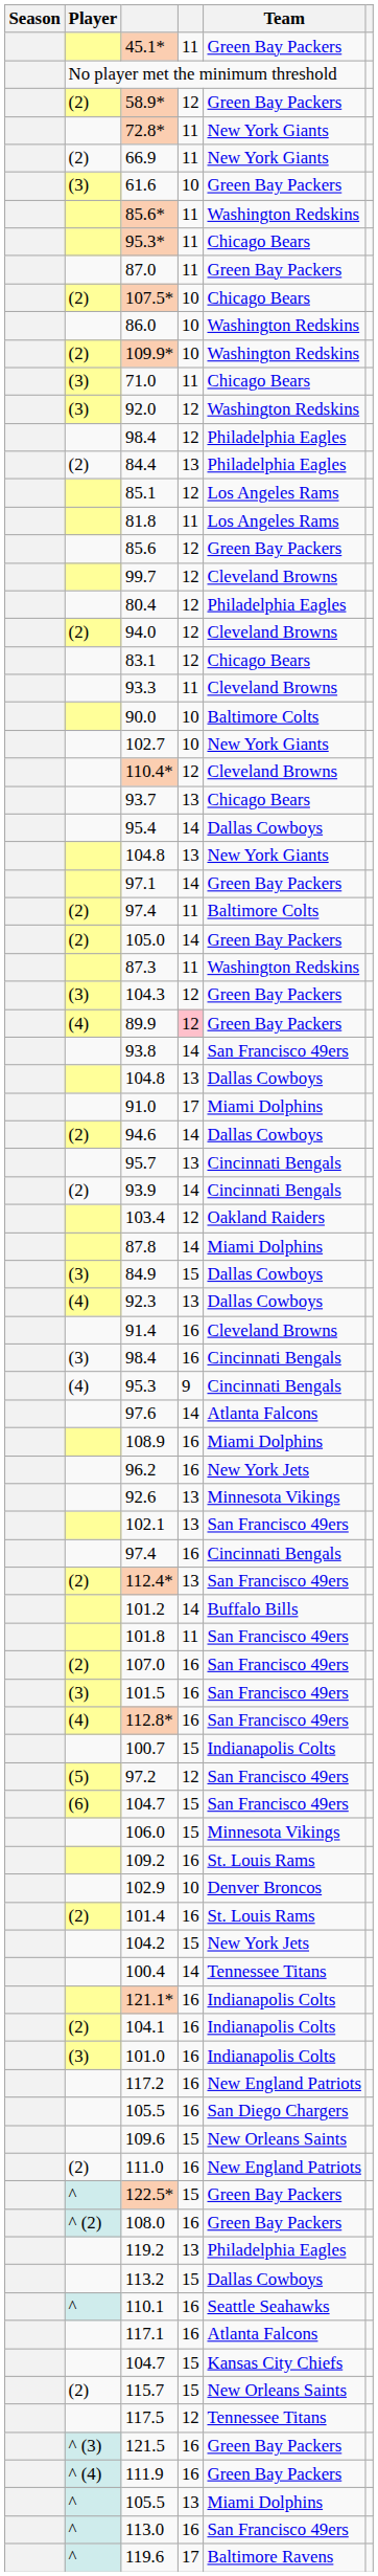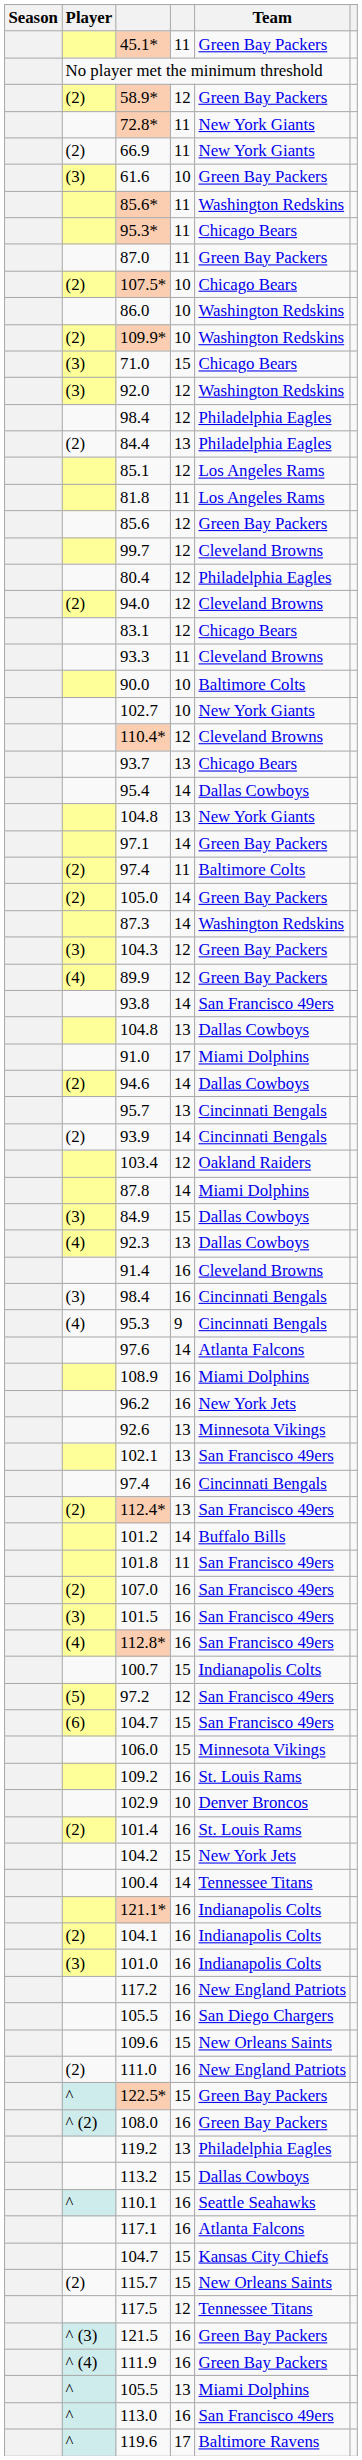 <table class="wikitable sortable">
 <tr>
 <th scope=col>Season</th>
 <th scope=col>Player</th>
 <th scope=col></th>
 <th scope=col></th>
 <th scope=col>Team</th>
 <th scope=col class= "unsortable"></th>
 </tr>
 <tr>
 <th scope=row></th>
 <td style="background:#ff9;"></td>
 <td style="background:#fbceb1;">45.1*</td>
 <td>11</td>
 <td><a href='#'>Green Bay Packers</a></td>
 <td></td>
 </tr>
 <tr>
 <th scope=row></th>
 <td colspan=4>No player met the minimum threshold</td>
 <td></td>
 </tr>
 <tr>
 <th scope=row></th>
 <td style="background:#ff9;"> (2)</td>
 <td style="background:#fbceb1;">58.9*</td>
 <td>12</td>
 <td><a href='#'>Green Bay Packers</a></td>
 <td></td>
 </tr>
 <tr>
 <th scope=row></th>
 <td></td>
 <td style="background:#fbceb1;">72.8*</td>
 <td>11</td>
 <td><a href='#'>New York Giants</a></td>
 <td></td>
 </tr>
 <tr>
 <th scope=row></th>
 <td> (2)</td>
 <td>66.9</td>
 <td>11</td>
 <td><a href='#'>New York Giants</a></td>
 <td></td>
 </tr>
 <tr>
 <th scope=row></th>
 <td style="background:#ff9;"> (3)</td>
 <td>61.6</td>
 <td>10</td>
 <td><a href='#'>Green Bay Packers</a></td>
 <td></td>
 </tr>
 <tr>
 <th scope=row></th>
 <td style="background:#ff9;"></td>
 <td style="background:#fbceb1;">85.6*</td>
 <td>11</td>
 <td><a href='#'>Washington Redskins</a></td>
 <td></td>
 </tr>
 <tr>
 <th scope=row></th>
 <td style="background:#ff9;"></td>
 <td style="background:#fbceb1;">95.3*</td>
 <td>11</td>
 <td><a href='#'>Chicago Bears</a></td>
 <td></td>
 </tr>
 <tr>
 <th scope=row></th>
 <td></td>
 <td>87.0</td>
 <td>11</td>
 <td><a href='#'>Green Bay Packers</a></td>
 <td></td>
 </tr>
 <tr>
 <th scope=row></th>
 <td style="background:#ff9;"> (2)</td>
 <td style="background:#fbceb1;">107.5*</td>
 <td>10</td>
 <td><a href='#'>Chicago Bears</a></td>
 <td></td>
 </tr>
 <tr>
 <th scope=row></th>
 <td></td>
 <td>86.0</td>
 <td>10</td>
 <td><a href='#'>Washington Redskins</a></td>
 <td></td>
 </tr>
 <tr>
 <th scope=row></th>
 <td style="background:#ff9;"> (2)</td>
 <td style="background:#fbceb1;">109.9*</td>
 <td>10</td>
 <td><a href='#'>Washington Redskins</a></td>
 <td></td>
 </tr>
 <tr>
 <th scope=row></th>
 <td style="background:#ff9;"> (3)</td>
 <td>71.0</td>
-<td>11</td>
+<td>15</td>
 <td><a href='#'>Chicago Bears</a></td>
 <td></td>
 </tr>
 <tr>
 <th scope=row></th>
 <td style="background:#ff9;"> (3)</td>
 <td>92.0</td>
 <td>12</td>
 <td><a href='#'>Washington Redskins</a></td>
 <td></td>
 </tr>
 <tr>
 <th scope=row></th>
 <td></td>
 <td>98.4</td>
 <td>12</td>
 <td><a href='#'>Philadelphia Eagles</a></td>
 <td></td>
 </tr>
 <tr>
 <th scope=row></th>
 <td> (2)</td>
 <td>84.4</td>
 <td>13</td>
 <td><a href='#'>Philadelphia Eagles</a></td>
 <td></td>
 </tr>
 <tr>
 <th scope=row></th>
 <td style="background:#ff9;"></td>
 <td>85.1</td>
 <td>12</td>
 <td><a href='#'>Los Angeles Rams</a></td>
 <td></td>
 </tr>
 <tr>
 <th scope=row></th>
 <td style="background:#ff9;"></td>
 <td>81.8</td>
 <td>11</td>
 <td><a href='#'>Los Angeles Rams</a></td>
 <td></td>
 </tr>
 <tr>
 <th scope=row></th>
 <td></td>
 <td>85.6</td>
 <td>12</td>
 <td><a href='#'>Green Bay Packers</a></td>
 <td></td>
 </tr>
 <tr>
 <th scope=row></th>
 <td style="background:#ff9;"></td>
 <td>99.7</td>
 <td>12</td>
 <td><a href='#'>Cleveland Browns</a></td>
 <td></td>
 </tr>
 <tr>
 <th scope=row></th>
 <td></td>
 <td>80.4</td>
 <td>12</td>
 <td><a href='#'>Philadelphia Eagles</a></td>
 <td></td>
 </tr>
 <tr>
 <th scope=row></th>
 <td style="background:#ff9;"> (2)</td>
 <td>94.0</td>
 <td>12</td>
 <td><a href='#'>Cleveland Browns</a></td>
 <td></td>
 </tr>
 <tr>
 <th scope=row></th>
 <td></td>
 <td>83.1</td>
 <td>12</td>
 <td><a href='#'>Chicago Bears</a></td>
 <td></td>
 </tr>
 <tr>
 <th scope=row></th>
 <td></td>
 <td>93.3</td>
 <td>11</td>
 <td><a href='#'>Cleveland Browns</a></td>
 <td></td>
 </tr>
 <tr>
 <th scope=row></th>
 <td style="background:#ff9;"></td>
 <td>90.0</td>
 <td>10</td>
 <td><a href='#'>Baltimore Colts</a></td>
 <td></td>
 </tr>
 <tr>
 <th scope=row></th>
 <td></td>
 <td>102.7</td>
 <td>10</td>
 <td><a href='#'>New York Giants</a></td>
 <td></td>
 </tr>
 <tr>
 <th scope=row></th>
 <td></td>
 <td style="background:#fbceb1;">110.4*</td>
 <td>12</td>
 <td><a href='#'>Cleveland Browns</a></td>
 <td></td>
 </tr>
 <tr>
 <th scope=row></th>
 <td></td>
 <td>93.7</td>
 <td>13</td>
 <td><a href='#'>Chicago Bears</a></td>
 <td></td>
 </tr>
 <tr>
 <th scope=row></th>
 <td></td>
 <td>95.4</td>
 <td>14</td>
 <td><a href='#'>Dallas Cowboys</a></td>
 <td></td>
 </tr>
 <tr>
 <th scope=row></th>
 <td style="background:#ff9;"></td>
 <td>104.8</td>
 <td>13</td>
 <td><a href='#'>New York Giants</a></td>
 <td></td>
 </tr>
 <tr>
 <th scope=row></th>
 <td style="background:#ff9;"></td>
 <td>97.1</td>
 <td>14</td>
 <td><a href='#'>Green Bay Packers</a></td>
 <td></td>
 </tr>
 <tr>
 <th scope=row></th>
 <td style="background:#ff9;"> (2)</td>
 <td>97.4</td>
 <td>11</td>
 <td><a href='#'>Baltimore Colts</a></td>
 <td></td>
 </tr>
 <tr>
 <th scope=row></th>
 <td style="background:#ff9;"> (2)</td>
 <td>105.0</td>
 <td>14</td>
 <td><a href='#'>Green Bay Packers</a></td>
 <td></td>
 </tr>
 <tr>
 <th scope=row></th>
 <td style="background:#ff9;"></td>
 <td>87.3</td>
-<td>11</td>
+<td>14</td>
 <td><a href='#'>Washington Redskins</a></td>
 <td></td>
 </tr>
 <tr>
 <th scope=row></th>
 <td style="background:#ff9;"> (3)</td>
 <td>104.3</td>
 <td>12</td>
 <td><a href='#'>Green Bay Packers</a></td>
 <td></td>
 </tr>
 <tr>
 <th scope=row></th>
 <td style="background:#ff9;"> (4)</td>
 <td>89.9</td>
-<td style="background: pink;">12</td>
+<td>12</td>
 <td><a href='#'>Green Bay Packers</a></td>
 <td></td>
 </tr>
 <tr>
 <th scope=row></th>
 <td></td>
 <td>93.8</td>
 <td>14</td>
 <td><a href='#'>San Francisco 49ers</a></td>
 <td></td>
 </tr>
 <tr>
 <th scope=row></th>
 <td style="background:#ff9;"></td>
 <td>104.8</td>
 <td>13</td>
 <td><a href='#'>Dallas Cowboys</a></td>
 <td></td>
 </tr>
 <tr>
 <th scope=row></th>
 <td></td>
 <td>91.0</td>
 <td>17</td>
 <td><a href='#'>Miami Dolphins</a></td>
 <td></td>
 </tr>
 <tr>
 <th scope=row></th>
 <td style="background:#ff9;"> (2)</td>
 <td>94.6</td>
 <td>14</td>
 <td><a href='#'>Dallas Cowboys</a></td>
 <td></td>
 </tr>
 <tr>
 <th scope=row></th>
 <td></td>
 <td>95.7</td>
 <td>13</td>
 <td><a href='#'>Cincinnati Bengals</a></td>
 <td></td>
 </tr>
 <tr>
 <th scope=row></th>
 <td> (2)</td>
 <td>93.9</td>
 <td>14</td>
 <td><a href='#'>Cincinnati Bengals</a></td>
 <td></td>
 </tr>
 <tr>
 <th scope=row></th>
 <td style="background:#ff9;"></td>
 <td>103.4</td>
 <td>12</td>
 <td><a href='#'>Oakland Raiders</a></td>
 <td></td>
 </tr>
 <tr>
 <th scope=row></th>
 <td style="background:#ff9;"></td>
 <td>87.8</td>
 <td>14</td>
 <td><a href='#'>Miami Dolphins</a></td>
 <td></td>
 </tr>
 <tr>
 <th scope=row></th>
 <td style="background:#ff9;"> (3)</td>
 <td>84.9</td>
 <td>15</td>
 <td><a href='#'>Dallas Cowboys</a></td>
 <td></td>
 </tr>
 <tr>
 <th scope=row></th>
 <td style="background:#ff9;"> (4)</td>
 <td>92.3</td>
 <td>13</td>
 <td><a href='#'>Dallas Cowboys</a></td>
 <td></td>
 </tr>
 <tr>
 <th scope=row></th>
 <td></td>
 <td>91.4</td>
 <td>16</td>
 <td><a href='#'>Cleveland Browns</a></td>
 <td></td>
 </tr>
 <tr>
 <th scope=row></th>
 <td> (3)</td>
 <td>98.4</td>
 <td>16</td>
 <td><a href='#'>Cincinnati Bengals</a></td>
 <td></td>
 </tr>
 <tr>
 <th scope=row></th>
 <td> (4)</td>
 <td>95.3</td>
 <td>9</td>
 <td><a href='#'>Cincinnati Bengals</a></td>
 <td></td>
 </tr>
 <tr>
 <th scope=row></th>
 <td></td>
 <td>97.6</td>
 <td>14</td>
 <td><a href='#'>Atlanta Falcons</a></td>
 <td></td>
 </tr>
 <tr>
 <th scope=row></th>
 <td style="background:#ff9;"></td>
 <td>108.9</td>
 <td>16</td>
 <td><a href='#'>Miami Dolphins</a></td>
 <td></td>
 </tr>
 <tr>
 <th scope=row></th>
 <td></td>
 <td>96.2</td>
 <td>16</td>
 <td><a href='#'>New York Jets</a></td>
 <td></td>
 </tr>
 <tr>
 <th scope=row></th>
 <td></td>
 <td>92.6</td>
 <td>13</td>
 <td><a href='#'>Minnesota Vikings</a></td>
 <td></td>
 </tr>
 <tr>
 <th scope=row></th>
 <td style="background:#ff9;"></td>
 <td>102.1</td>
 <td>13</td>
 <td><a href='#'>San Francisco 49ers</a></td>
 <td></td>
 </tr>
 <tr>
 <th scope=row></th>
 <td></td>
 <td>97.4</td>
 <td>16</td>
 <td><a href='#'>Cincinnati Bengals</a></td>
 <td></td>
 </tr>
 <tr>
 <th scope=row></th>
 <td style="background:#ff9;"> (2)</td>
 <td style="background:#fbceb1;">112.4*</td>
 <td>13</td>
 <td><a href='#'>San Francisco 49ers</a></td>
 <td></td>
 </tr>
 <tr>
 <th scope=row></th>
 <td style="background:#ff9;"></td>
 <td>101.2</td>
 <td>14</td>
 <td><a href='#'>Buffalo Bills</a></td>
 <td></td>
 </tr>
 <tr>
 <th scope=row></th>
 <td style="background:#ff9;"></td>
 <td>101.8</td>
 <td>11</td>
 <td><a href='#'>San Francisco 49ers</a></td>
 <td></td>
 </tr>
 <tr>
 <th scope=row></th>
 <td style="background:#ff9;"> (2)</td>
 <td>107.0</td>
 <td>16</td>
 <td><a href='#'>San Francisco 49ers</a></td>
 <td></td>
 </tr>
 <tr>
 <th scope=row></th>
 <td style="background:#ff9;"> (3)</td>
 <td>101.5</td>
 <td>16</td>
 <td><a href='#'>San Francisco 49ers</a></td>
 <td></td>
 </tr>
 <tr>
 <th scope=row></th>
 <td style="background:#ff9;"> (4)</td>
 <td style="background:#fbceb1;">112.8*</td>
 <td>16</td>
 <td><a href='#'>San Francisco 49ers</a></td>
 <td></td>
 </tr>
 <tr>
 <th scope=row></th>
 <td></td>
 <td>100.7</td>
 <td>15</td>
 <td><a href='#'>Indianapolis Colts</a></td>
 <td></td>
 </tr>
 <tr>
 <th scope=row></th>
 <td style="background:#ff9;"> (5)</td>
 <td>97.2</td>
 <td>12</td>
 <td><a href='#'>San Francisco 49ers</a></td>
 <td></td>
 </tr>
 <tr>
 <th scope=row></th>
 <td style="background:#ff9;"> (6)</td>
 <td>104.7</td>
 <td>15</td>
 <td><a href='#'>San Francisco 49ers</a></td>
 <td></td>
 </tr>
 <tr>
 <th scope=row></th>
 <td></td>
 <td>106.0</td>
 <td>15</td>
 <td><a href='#'>Minnesota Vikings</a></td>
 <td></td>
 </tr>
 <tr>
 <th scope=row></th>
 <td style="background:#ff9;"></td>
 <td>109.2</td>
 <td>16</td>
 <td><a href='#'>St. Louis Rams</a></td>
 <td></td>
 </tr>
 <tr>
 <th scope=row></th>
 <td></td>
 <td>102.9</td>
 <td>10</td>
 <td><a href='#'>Denver Broncos</a></td>
 <td></td>
 </tr>
 <tr>
 <th scope=row></th>
 <td style="background:#ff9;"> (2)</td>
 <td>101.4</td>
 <td>16</td>
 <td><a href='#'>St. Louis Rams</a></td>
 <td></td>
 </tr>
 <tr>
 <th scope=row></th>
 <td></td>
 <td>104.2</td>
 <td>15</td>
 <td><a href='#'>New York Jets</a></td>
 <td></td>
 </tr>
 <tr>
 <th scope=row></th>
 <td></td>
 <td>100.4</td>
 <td>14</td>
 <td><a href='#'>Tennessee Titans</a></td>
 <td></td>
 </tr>
 <tr>
 <th scope=row></th>
 <td style="background:#ff9;"></td>
 <td style="background:#fbceb1;">121.1*</td>
 <td>16</td>
 <td><a href='#'>Indianapolis Colts</a></td>
 <td></td>
 </tr>
 <tr>
 <th scope=row></th>
 <td style="background:#ff9;"> (2)</td>
 <td>104.1</td>
 <td>16</td>
 <td><a href='#'>Indianapolis Colts</a></td>
 <td></td>
 </tr>
 <tr>
 <th scope=row></th>
 <td style="background:#ff9;"> (3)</td>
 <td>101.0</td>
 <td>16</td>
 <td><a href='#'>Indianapolis Colts</a></td>
 <td></td>
 </tr>
 <tr>
 <th scope=row></th>
 <td></td>
 <td>117.2</td>
 <td>16</td>
 <td><a href='#'>New England Patriots</a></td>
 <td></td>
 </tr>
 <tr>
 <th scope=row></th>
 <td></td>
 <td>105.5</td>
 <td>16</td>
 <td><a href='#'>San Diego Chargers</a></td>
 <td></td>
 </tr>
 <tr>
 <th scope=row></th>
 <td></td>
 <td>109.6</td>
 <td>15</td>
 <td><a href='#'>New Orleans Saints</a></td>
 <td></td>
 </tr>
 <tr>
 <th scope=row></th>
 <td> (2)</td>
 <td>111.0</td>
 <td>16</td>
 <td><a href='#'>New England Patriots</a></td>
 <td></td>
 </tr>
 <tr>
 <th scope=row></th>
 <td style="background:#cfecec;”">^</td>
 <td style="background:#fbceb1;">122.5*</td>
 <td>15</td>
 <td><a href='#'>Green Bay Packers</a></td>
 <td></td>
 </tr>
 <tr>
 <th scope=row></th>
 <td style="background:#cfecec;”">^ (2)</td>
 <td>108.0</td>
 <td>16</td>
 <td><a href='#'>Green Bay Packers</a></td>
 <td></td>
 </tr>
 <tr>
 <th scope=row></th>
 <td></td>
 <td>119.2</td>
 <td>13</td>
 <td><a href='#'>Philadelphia Eagles</a></td>
 <td></td>
 </tr>
 <tr>
 <th scope=row></th>
 <td></td>
 <td>113.2</td>
 <td>15</td>
 <td><a href='#'>Dallas Cowboys</a></td>
 <td></td>
 </tr>
 <tr>
 <th scope=row></th>
 <td style="background:#cfecec;”">^</td>
 <td>110.1</td>
 <td>16</td>
 <td><a href='#'>Seattle Seahawks</a></td>
 <td></td>
 </tr>
 <tr>
 <th scope=row></th>
 <td></td>
 <td>117.1</td>
 <td>16</td>
 <td><a href='#'>Atlanta Falcons</a></td>
 <td></td>
 </tr>
 <tr>
 <th scope=row></th>
 <td></td>
 <td>104.7</td>
 <td>15</td>
 <td><a href='#'>Kansas City Chiefs</a></td>
 <td></td>
 </tr>
 <tr>
 <th scope=row></th>
 <td> (2)</td>
 <td>115.7</td>
 <td>15</td>
 <td><a href='#'>New Orleans Saints</a></td>
 <td></td>
 </tr>
 <tr>
 <th scope=row></th>
 <td></td>
 <td>117.5</td>
 <td>12</td>
 <td><a href='#'>Tennessee Titans</a></td>
 <td></td>
 </tr>
 <tr>
 <th scope=row></th>
 <td style="background:#cfecec;”">^ (3)</td>
 <td>121.5</td>
 <td>16</td>
 <td><a href='#'>Green Bay Packers</a></td>
 <td></td>
 </tr>
 <tr>
 <th scope=row></th>
 <td style="background:#cfecec;”">^ (4)</td>
 <td>111.9</td>
 <td>16</td>
 <td><a href='#'>Green Bay Packers</a></td>
 <td></td>
 </tr>
 <tr>
 <th scope=row></th>
 <td style="background:#cfecec;”">^</td>
 <td>105.5</td>
 <td>13</td>
 <td><a href='#'>Miami Dolphins</a></td>
 <td></td>
 </tr>
 <tr>
 <th scope=row></th>
 <td style="background:#cfecec;”">^</td>
 <td>113.0</td>
 <td>16</td>
 <td><a href='#'>San Francisco 49ers</a></td>
 <td></td>
 </tr>
 <tr>
 <th scope=row></th>
 <td style="background:#cfecec;”">^</td>
 <td>119.6</td>
 <td>17</td>
 <td><a href='#'>Baltimore Ravens</a></td>
 <td></td>
 </tr>
 </table>
